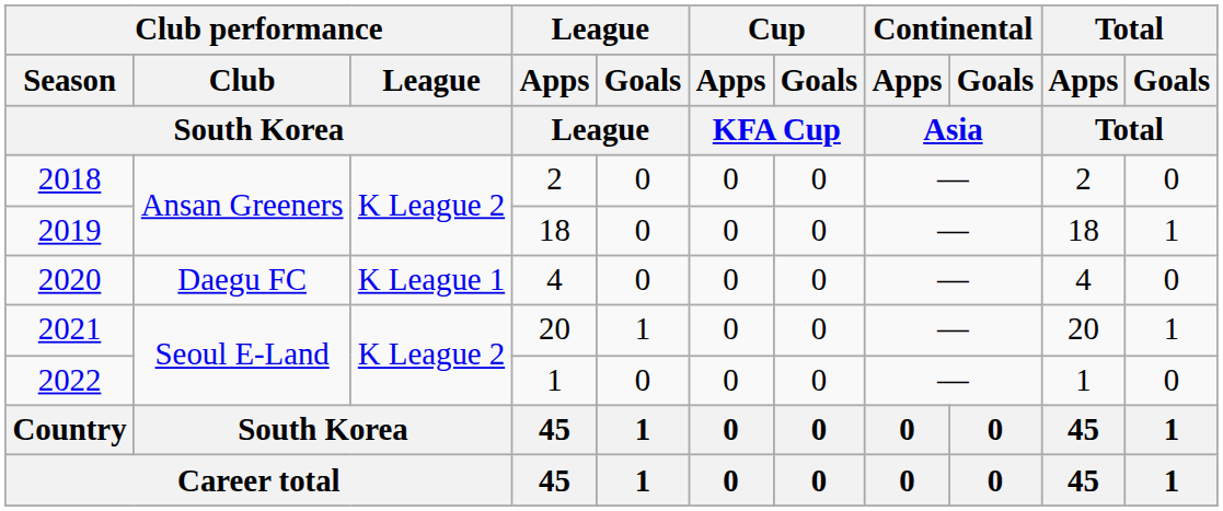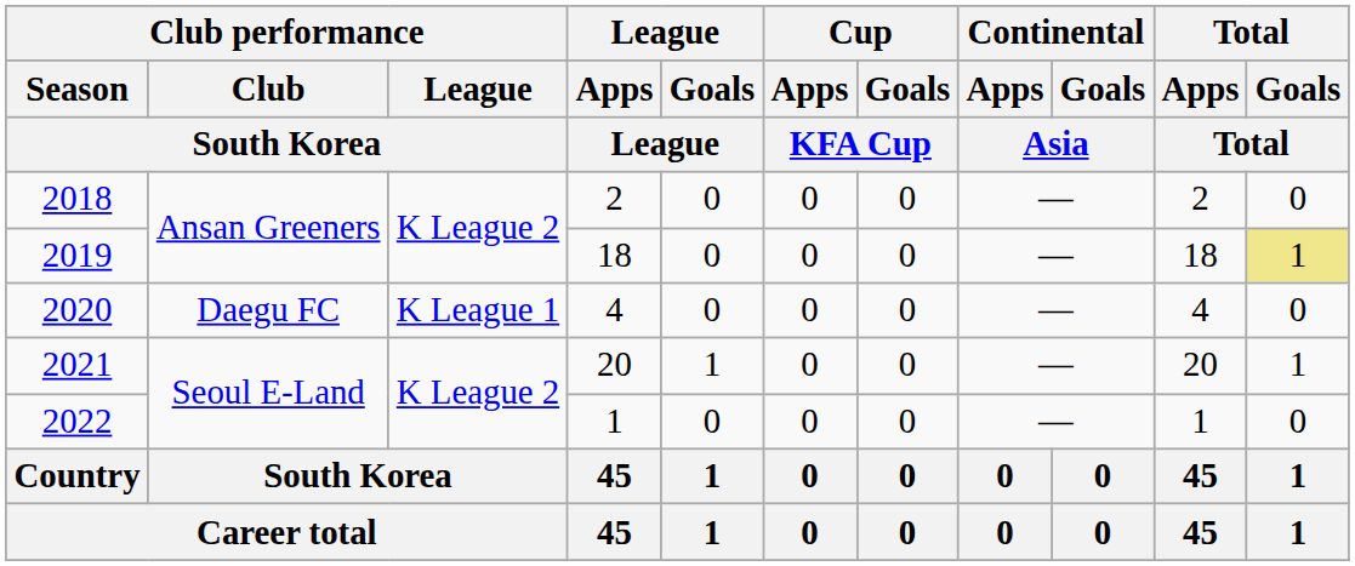 <table class="wikitable" style="text-align:center">
 <tr>
 <th colspan=3>Club performance</th>
 <th colspan=2>League</th>
 <th colspan=2>Cup</th>
 <th colspan=2>Continental</th>
 <th colspan=2>Total</th>
 </tr>
 <tr>
 <th>Season</th>
 <th>Club</th>
 <th>League</th>
 <th>Apps</th>
 <th>Goals</th>
 <th>Apps</th>
 <th>Goals</th>
 <th>Apps</th>
 <th>Goals</th>
 <th>Apps</th>
 <th>Goals</th>
 </tr>
 <tr>
 <th colspan=3>South Korea</th>
 <th colspan=2>League</th>
 <th colspan=2><a href='#'>KFA Cup</a></th>
 <th colspan=2><a href='#'>Asia</a></th>
 <th colspan=2>Total</th>
 </tr>
 <tr>
 <td><a href='#'>2018</a></td>
 <td rowspan=2><a href='#'>Ansan Greeners</a></td>
 <td rowspan=2><a href='#'>K League 2</a></td>
 <td>2</td>
 <td>0</td>
 <td>0</td>
 <td>0</td>
 <td colspan=2>—</td>
 <td>2</td>
 <td>0</td>
 </tr>
 <tr>
 <td><a href='#'>2019</a></td>
 <td>18</td>
 <td>0</td>
 <td>0</td>
 <td>0</td>
 <td colspan=2>—</td>
 <td>18</td>
-<td>1</td>
+<td style="background: khaki;">1</td>
 </tr>
 <tr>
 <td><a href='#'>2020</a></td>
 <td rowspan=1><a href='#'>Daegu FC</a></td>
 <td rowspan=1><a href='#'>K League 1</a></td>
 <td>4</td>
 <td>0</td>
 <td>0</td>
 <td>0</td>
 <td colspan=2>—</td>
 <td>4</td>
 <td>0</td>
 </tr>
 <tr>
 <td><a href='#'>2021</a></td>
 <td rowspan=2><a href='#'>Seoul E-Land</a></td>
 <td rowspan=2><a href='#'>K League 2</a></td>
 <td>20</td>
 <td>1</td>
 <td>0</td>
 <td>0</td>
 <td colspan=2>—</td>
 <td>20</td>
 <td>1</td>
 </tr>
 <tr>
 <td><a href='#'>2022</a></td>
 <td>1</td>
 <td>0</td>
 <td>0</td>
 <td>0</td>
 <td colspan=2>—</td>
 <td>1</td>
 <td>0</td>
 </tr>
 <tr>
 <th>Country</th>
 <th colspan=2>South Korea</th>
 <th>45</th>
 <th>1</th>
 <th>0</th>
 <th>0</th>
 <th>0</th>
 <th>0</th>
 <th>45</th>
 <th>1</th>
 </tr>
 <tr>
 <th colspan=3>Career total</th>
 <th>45</th>
 <th>1</th>
 <th>0</th>
 <th>0</th>
 <th>0</th>
 <th>0</th>
 <th>45</th>
 <th>1</th>
 </tr>
 </table>
